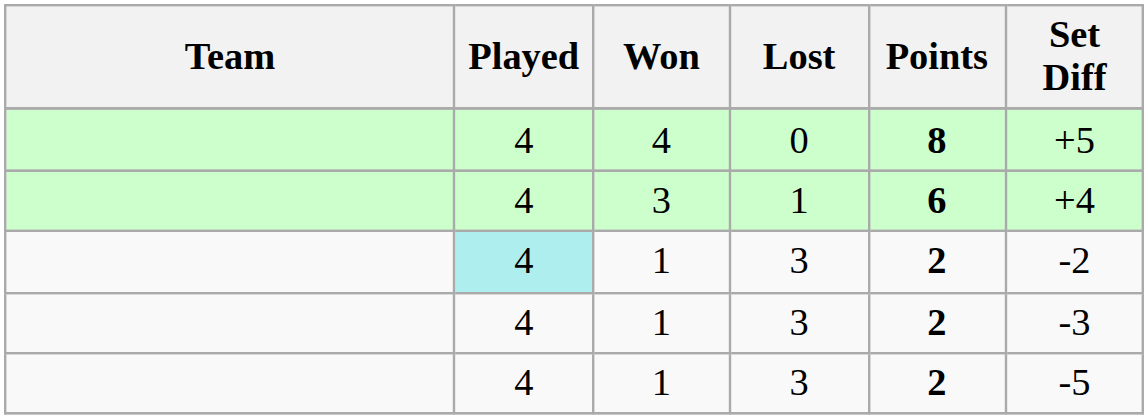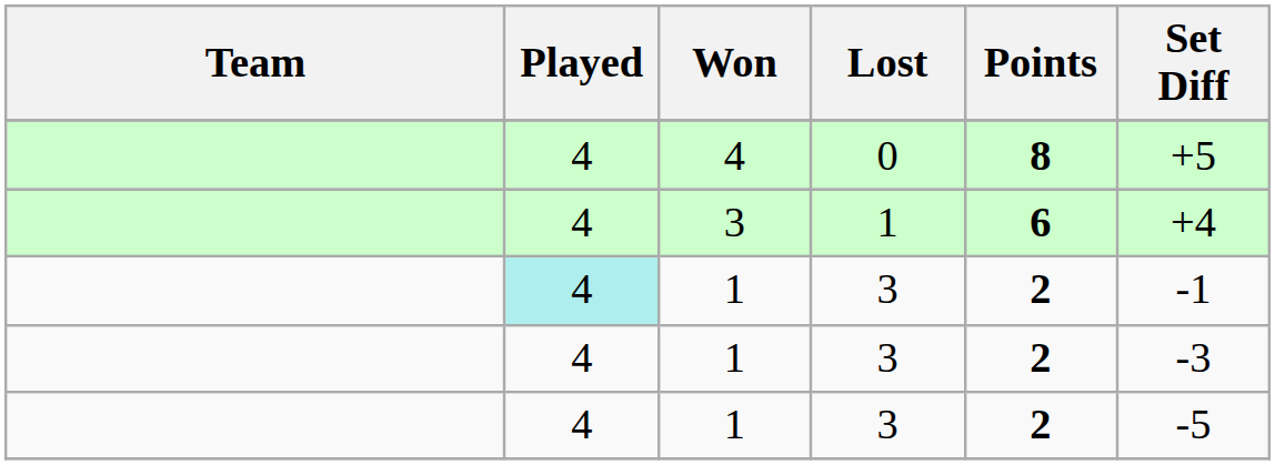 <table class=wikitable style="text-align:center">
 <tr>
 <th width=180>Team</th>
 <th width=50>Played</th>
 <th width=50>Won</th>
 <th width=50>Lost</th>
 <th width=50>Points</th>
 <th width=50>Set Diff</th>
 </tr>
 <tr>
 </tr>
 <tr bgcolor=ccffcc>
 <td align=left></td>
 <td>4</td>
 <td>4</td>
 <td>0</td>
 <td><strong>8</strong></td>
 <td>+5</td>
 </tr>
 <tr>
 </tr>
 <tr bgcolor=ccffcc>
 <td align=left></td>
 <td>4</td>
 <td>3</td>
 <td>1</td>
 <td><strong>6</strong></td>
 <td>+4</td>
 </tr>
 <tr>
 <td align=left></td>
 <td style="background: paleturquoise;">4</td>
 <td>1</td>
 <td>3</td>
 <td><strong>2</strong></td>
-<td>-2</td>
+<td>-1</td>
 </tr>
 <tr>
 <td align=left></td>
 <td>4</td>
 <td>1</td>
 <td>3</td>
 <td><strong>2</strong></td>
 <td>-3</td>
 </tr>
 <tr>
 <td align=left></td>
 <td>4</td>
 <td>1</td>
 <td>3</td>
 <td><strong>2</strong></td>
 <td>-5</td>
 </tr>
 <tr>
 </tr>
 </table>
